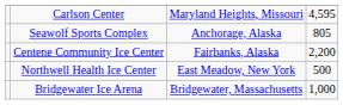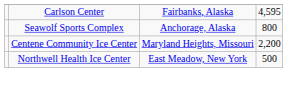 <table class="wikitable sortable" style="text-align: center;">
 <tr>
 </tr>
 <tr>
 <td><a href='#'></a></td>
 <td><a href='#'>Carlson Center</a></td>
-<td><a href='#'>Maryland Heights, Missouri</a></td>
+<td><a href='#'>Fairbanks, Alaska</a></td>
 <td>4,595</td>
 </tr>
 <tr>
 <td><a href='#'></a></td>
 <td><a href='#'>Seawolf Sports Complex</a></td>
 <td><a href='#'>Anchorage, Alaska</a></td>
-<td>805</td>
+<td>800</td>
 </tr>
 <tr>
 <td><a href='#'></a></td>
 <td><a href='#'>Centene Community Ice Center</a></td>
-<td><a href='#'>Fairbanks, Alaska</a></td>
+<td><a href='#'>Maryland Heights, Missouri</a></td>
 <td>2,200</td>
 </tr>
 <tr>
 <td><a href='#'></a></td>
 <td><a href='#'>Northwell Health Ice Center</a></td>
 <td><a href='#'>East Meadow, New York</a></td>
 <td>500</td>
 </tr>
-<tr>
-<td><a href='#'></a></td>
-<td><a href='#'>Bridgewater Ice Arena</a></td>
-<td><a href='#'>Bridgewater, Massachusetts</a></td>
-<td>1,000</td>
-</tr>
 </table>
